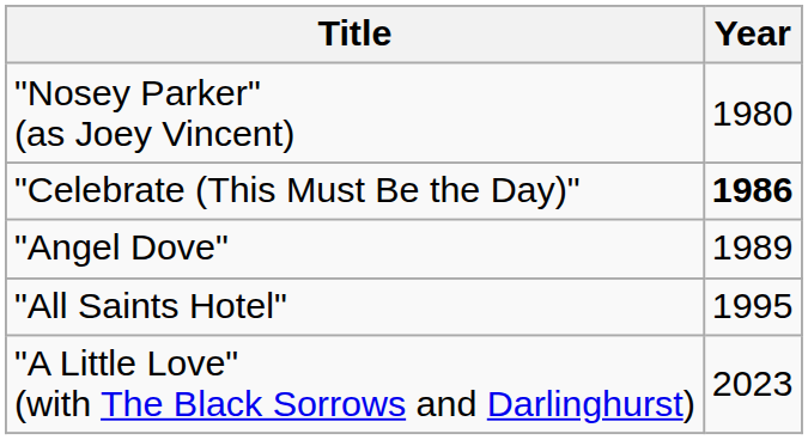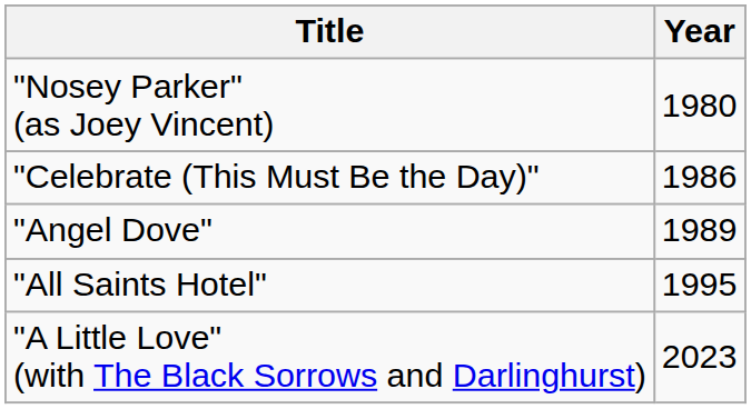 <table class="wikitable" style="text-align:center;">
 <tr>
 <th scope="col">Title</th>
 <th scope="col">Year</th>
 </tr>
 <tr>
 <td align="left">"Nosey Parker" <br> (as Joey Vincent)</td>
 <td>1980</td>
 </tr>
 <tr>
 <td align="left">"Celebrate (This Must Be the Day)"</td>
-<td><strong>1986</strong></td>
+<td>1986</td>
 </tr>
 <tr>
 <td align="left">"Angel Dove"</td>
 <td>1989</td>
 </tr>
 <tr>
 <td align="left">"All Saints Hotel"</td>
 <td>1995</td>
 </tr>
 <tr>
 <td align="left">"A Little Love"<br> (with <a href='#'>The Black Sorrows</a> and <a href='#'>Darlinghurst</a>)</td>
 <td>2023</td>
 </tr>
 </table>
